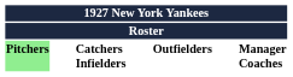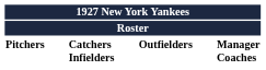 <table class="toccolours" style="font-size: 95%;">
 <tr>
 <th colspan="10" style="background-color: #1c2841; color: white; text-align: center;">1927 New York Yankees</th>
 </tr>
 <tr>
 <td colspan="10" style="background-color: #1c2841; color: white; text-align: center;"><strong>Roster</strong></td>
 </tr>
 <tr>
-<td valign="top" style="background: lightgreen;"><strong>Pitchers</strong><br>         </td>
+<td valign="top"><strong>Pitchers</strong><br>         </td>
 <td width="25px"></td>
 <td valign="top"><strong>Catchers</strong><br>   <strong>Infielders</strong>       </td>
 <td width="25px"></td>
 <td valign="top"><strong>Outfielders</strong><br>    </td>
 <td width="25px"></td>
 <td valign="top"><strong>Manager</strong><br> <strong>Coaches</strong>  </td>
 </tr>
 </table>
